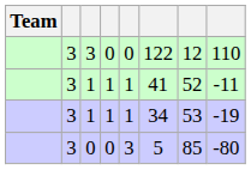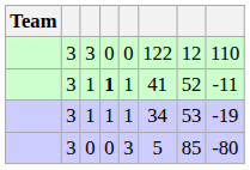 <table class="wikitable" style="text-align: center;">
 <tr>
 <th>Team</th>
 <th></th>
 <th></th>
 <th></th>
 <th></th>
 <th></th>
 <th></th>
 <th></th>
 </tr>
 <tr bgcolor="ccffcc">
 <td align="left"></td>
 <td>3</td>
 <td>3</td>
 <td>0</td>
 <td>0</td>
 <td>122</td>
 <td>12</td>
 <td>110</td>
 </tr>
 <tr bgcolor="ccffcc">
 <td align="left"></td>
 <td>3</td>
 <td>1</td>
-<td>1</td>
+<td><strong>1</strong></td>
 <td>1</td>
 <td>41</td>
 <td>52</td>
 <td>-11</td>
 </tr>
 <tr bgcolor="ccccff">
 <td align="left"></td>
 <td>3</td>
 <td>1</td>
 <td>1</td>
 <td>1</td>
 <td>34</td>
 <td>53</td>
 <td>-19</td>
 </tr>
 <tr bgcolor="ccccff">
 <td align="left"></td>
 <td>3</td>
 <td>0</td>
 <td>0</td>
 <td>3</td>
 <td>5</td>
 <td>85</td>
 <td>-80</td>
 </tr>
 </table>
